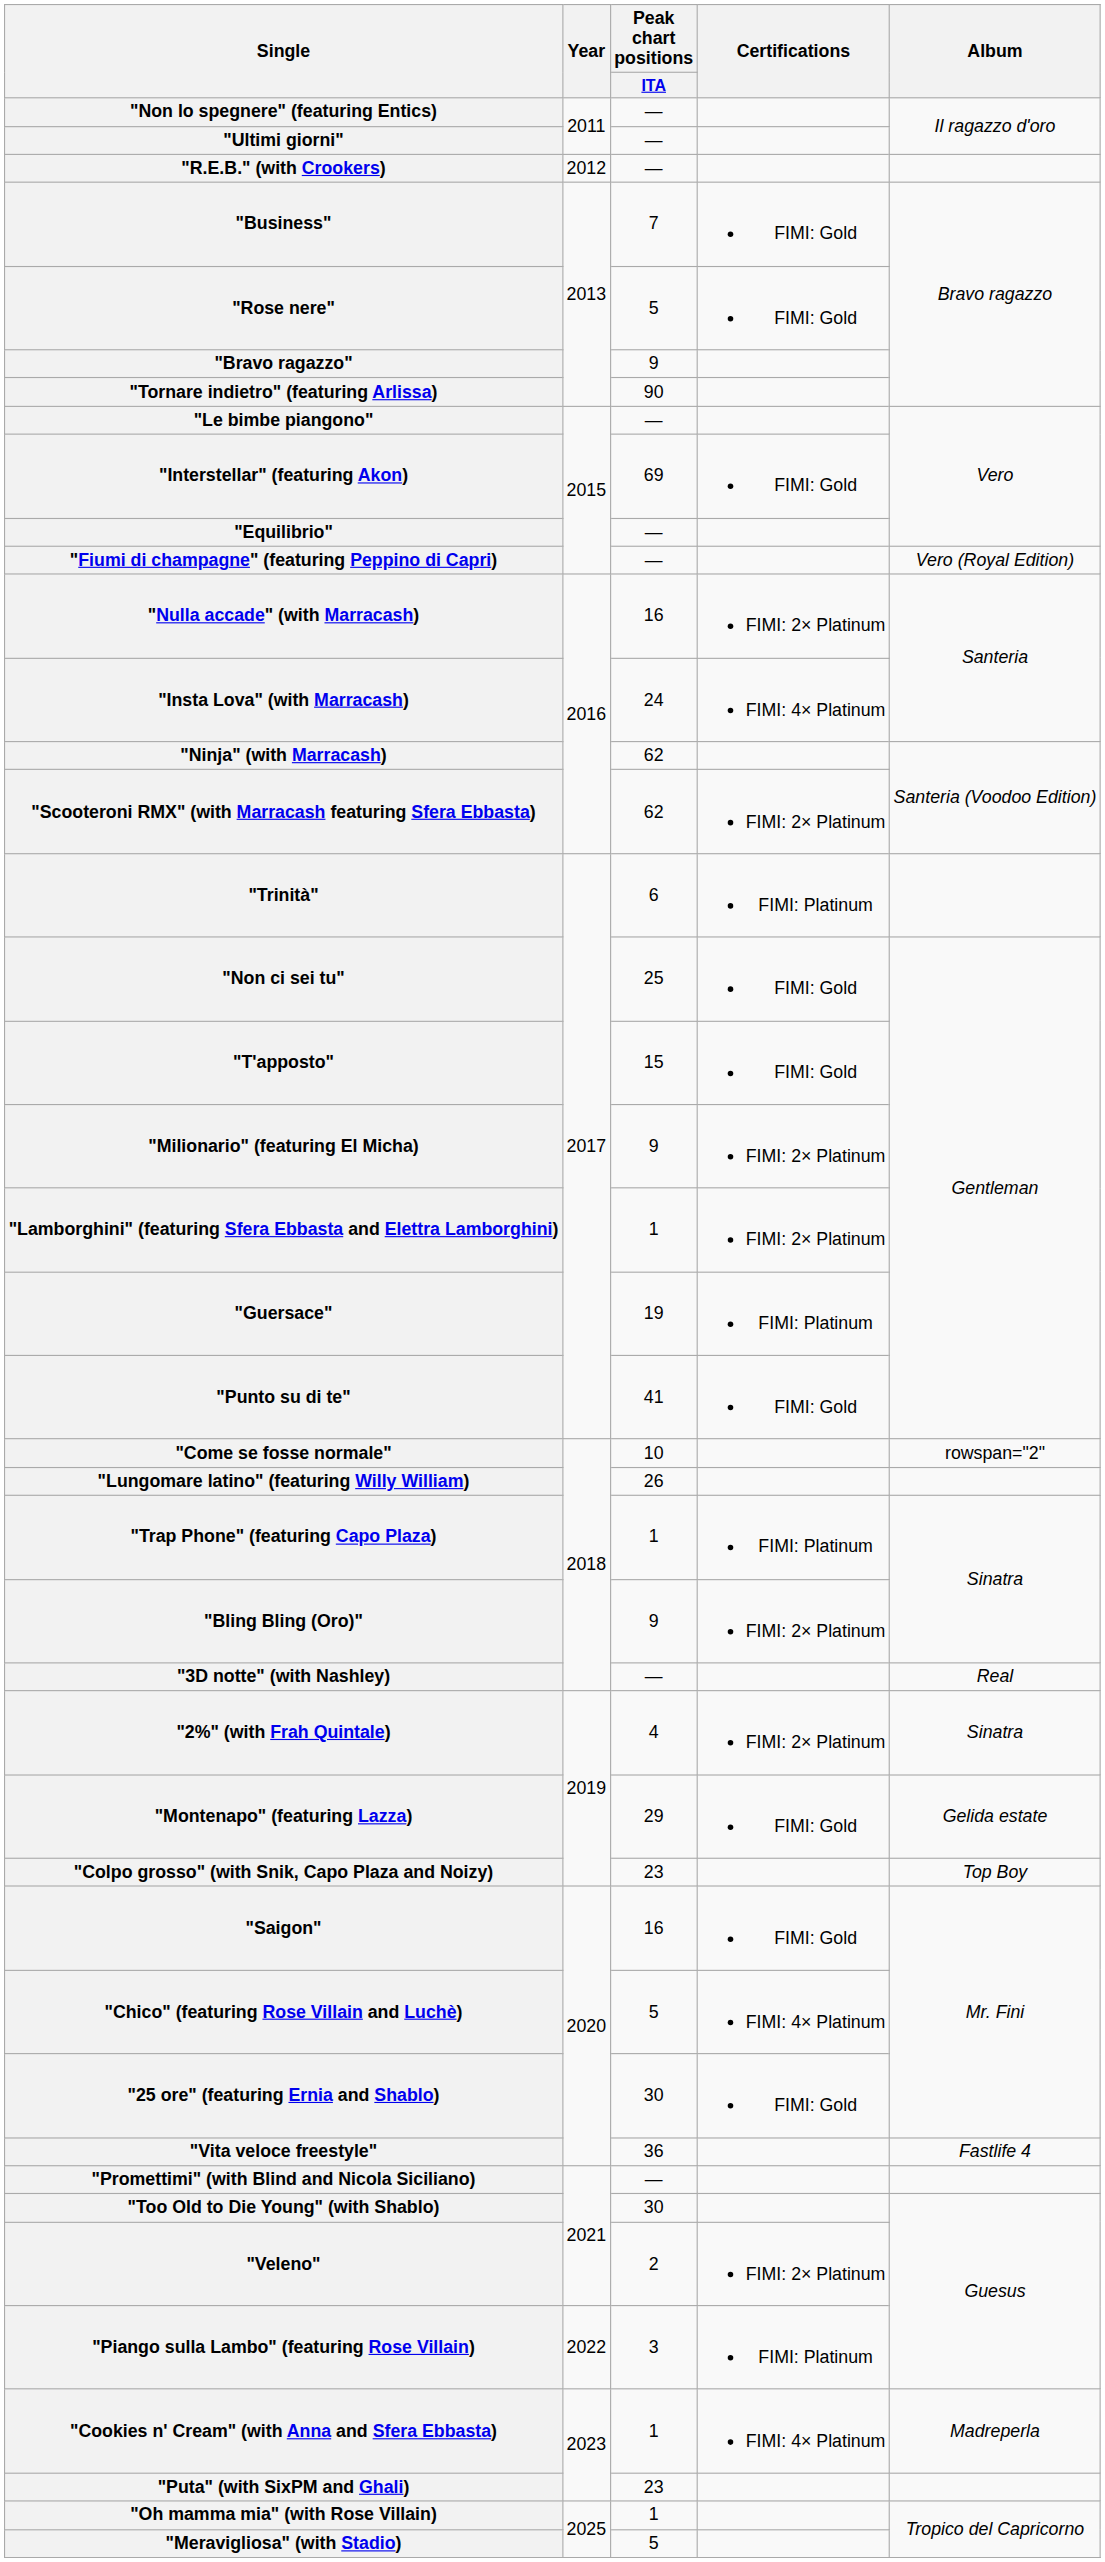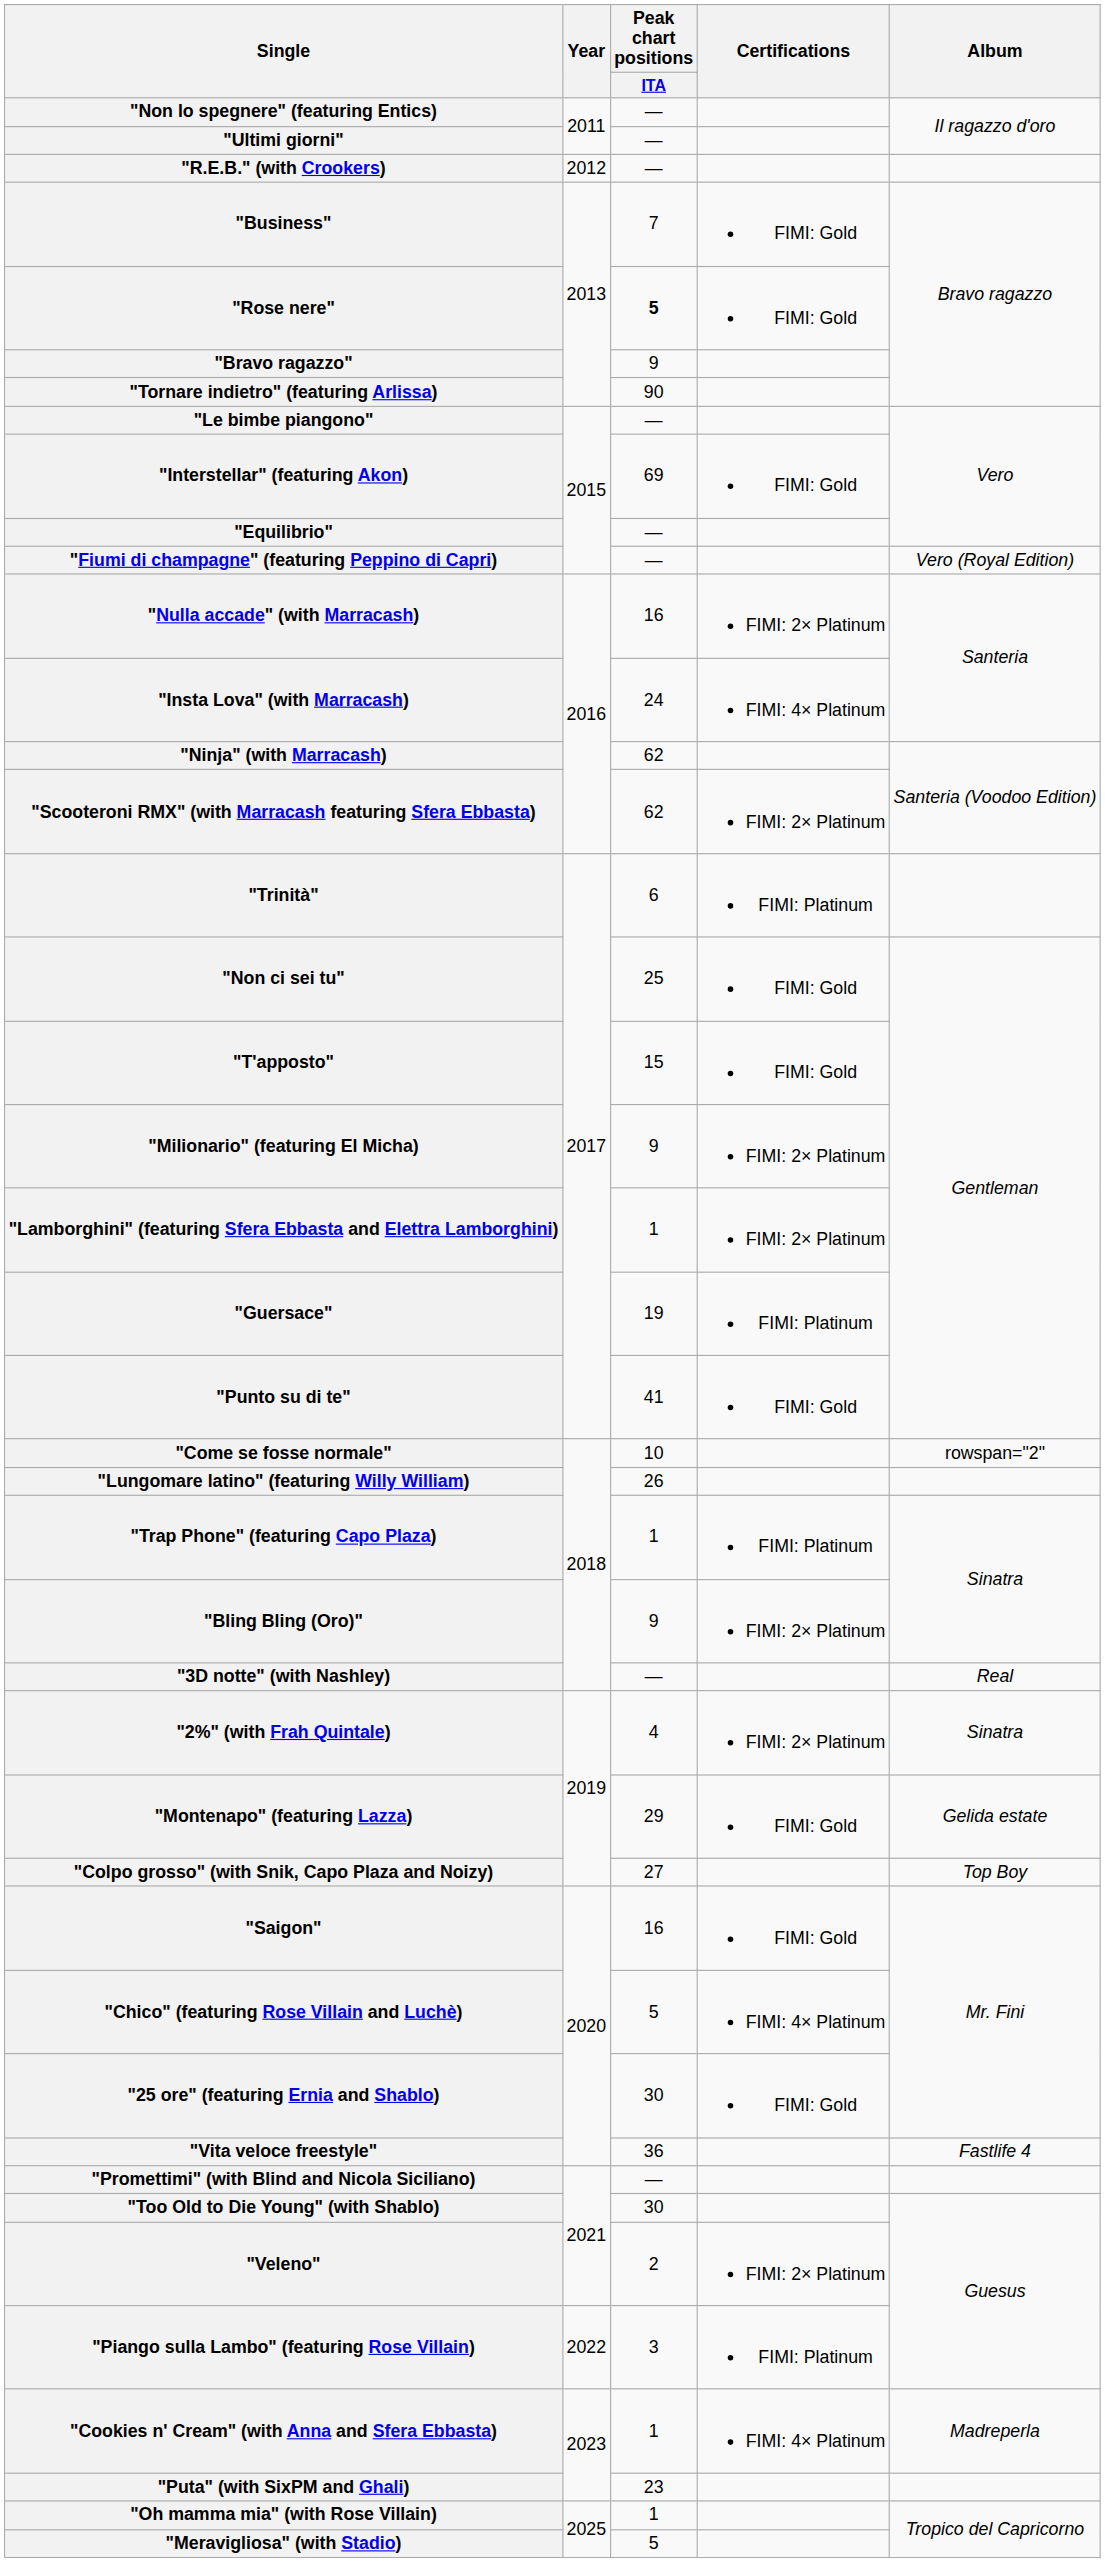 <table class="wikitable plainrowheaders" style="text-align:center;">
 <tr>
 <th scope="col" rowspan="2">Single</th>
 <th scope="col" rowspan="2">Year</th>
 <th scope="col" colspan="1">Peak chart positions</th>
 <th scope="col" rowspan="2">Certifications</th>
 <th scope="col" rowspan="2">Album</th>
 </tr>
 <tr>
 <th scope="col" style="width:3em;font-size:90%;"><a href='#'>ITA</a><br></th>
 </tr>
 <tr>
 <th scope="row">"Non lo spegnere" (featuring Entics)</th>
 <td rowspan="2">2011</td>
 <td>—</td>
 <td></td>
 <td rowspan="2"><em>Il ragazzo d'oro</em></td>
 </tr>
 <tr>
 <th scope="row">"Ultimi giorni"</th>
 <td>—</td>
 <td></td>
 </tr>
 <tr>
 <th scope="row">"R.E.B." (with <a href='#'>Crookers</a>)</th>
 <td>2012</td>
 <td>—</td>
 <td></td>
 <td></td>
 </tr>
 <tr>
 <th scope="row">"Business"</th>
 <td rowspan="4">2013</td>
 <td>7</td>
 <td><br><ul><li>FIMI: Gold</li></ul></td>
 <td rowspan="4"><em>Bravo ragazzo</em></td>
 </tr>
 <tr>
 <th scope="row">"Rose nere"</th>
-<td>5</td>
+<td><strong>5</strong></td>
 <td><br><ul><li>FIMI: Gold</li></ul></td>
 </tr>
 <tr>
 <th scope="row">"Bravo ragazzo"</th>
 <td>9</td>
 <td></td>
 </tr>
 <tr>
 <th scope="row">"Tornare indietro" (featuring <a href='#'>Arlissa</a>)</th>
 <td>90</td>
 <td></td>
 </tr>
 <tr>
 <th scope="row">"Le bimbe piangono"</th>
 <td rowspan="4">2015</td>
 <td>—</td>
 <td></td>
 <td rowspan="3"><em>Vero</em></td>
 </tr>
 <tr>
 <th scope="row">"Interstellar" (featuring <a href='#'>Akon</a>)</th>
 <td>69</td>
 <td><br><ul><li>FIMI: Gold</li></ul></td>
 </tr>
 <tr>
 <th scope="row">"Equilibrio"</th>
 <td>—</td>
 <td></td>
 </tr>
 <tr>
 <th scope="row">"<a href='#'>Fiumi di champagne</a>" (featuring <a href='#'>Peppino di Capri</a>)</th>
 <td>—</td>
 <td></td>
 <td><em>Vero (Royal Edition)</em></td>
 </tr>
 <tr>
 <th scope="row">"<a href='#'>Nulla accade</a>" (with <a href='#'>Marracash</a>)</th>
 <td rowspan="4">2016</td>
 <td>16</td>
 <td><br><ul><li>FIMI: 2× Platinum</li></ul></td>
 <td rowspan="2"><em>Santeria</em></td>
 </tr>
 <tr>
 <th scope="row">"Insta Lova" (with <a href='#'>Marracash</a>)</th>
 <td>24</td>
 <td><br><ul><li>FIMI: 4× Platinum</li></ul></td>
 </tr>
 <tr>
 <th scope="row">"Ninja" (with <a href='#'>Marracash</a>)</th>
 <td>62</td>
 <td></td>
 <td rowspan="2"><em>Santeria (Voodoo Edition)</em></td>
 </tr>
 <tr>
 <th scope="row">"Scooteroni RMX" (with <a href='#'>Marracash</a> featuring <a href='#'>Sfera Ebbasta</a>)</th>
 <td>62</td>
 <td><br><ul><li>FIMI: 2× Platinum</li></ul></td>
 </tr>
 <tr>
 <th scope="row">"Trinità"</th>
 <td rowspan="7">2017</td>
 <td>6</td>
 <td><br><ul><li>FIMI: Platinum</li></ul></td>
 <td></td>
 </tr>
 <tr>
 <th scope="row">"Non ci sei tu"</th>
 <td>25</td>
 <td><br><ul><li>FIMI: Gold</li></ul></td>
 <td rowspan="6"><em>Gentleman</em></td>
 </tr>
 <tr>
 <th scope="row">"T'apposto"</th>
 <td>15</td>
 <td><br><ul><li>FIMI: Gold</li></ul></td>
 </tr>
 <tr>
 <th scope="row">"Milionario" (featuring El Micha)</th>
 <td>9</td>
 <td><br><ul><li>FIMI: 2× Platinum</li></ul></td>
 </tr>
 <tr>
 <th scope="row">"Lamborghini" (featuring <a href='#'>Sfera Ebbasta</a> and <a href='#'>Elettra Lamborghini</a>)</th>
 <td>1</td>
 <td><br><ul><li>FIMI: 2× Platinum</li></ul></td>
 </tr>
 <tr>
 <th scope="row">"Guersace"</th>
 <td>19</td>
 <td><br><ul><li>FIMI: Platinum</li></ul></td>
 </tr>
 <tr>
 <th scope="row">"Punto su di te"</th>
 <td>41</td>
 <td><br><ul><li>FIMI: Gold</li></ul></td>
 </tr>
 <tr>
 <th scope="row">"Come se fosse normale"</th>
 <td rowspan="5">2018</td>
 <td>10</td>
 <td></td>
 <td>rowspan="2" </td>
 </tr>
 <tr>
 <th scope="row">"Lungomare latino" (featuring <a href='#'>Willy William</a>)</th>
 <td>26</td>
 <td></td>
 </tr>
 <tr>
 <th scope="row">"Trap Phone" (featuring <a href='#'>Capo Plaza</a>)</th>
 <td>1</td>
 <td><br><ul><li>FIMI: Platinum</li></ul></td>
 <td rowspan="2"><em>Sinatra</em></td>
 </tr>
 <tr>
 <th scope="row">"Bling Bling (Oro)"</th>
 <td>9</td>
 <td><br><ul><li>FIMI: 2× Platinum</li></ul></td>
 </tr>
 <tr>
 <th scope="row">"3D notte" (with Nashley)</th>
 <td>—</td>
 <td></td>
 <td><em>Real</em></td>
 </tr>
 <tr>
 <th scope="row">"2%" (with <a href='#'>Frah Quintale</a>)</th>
 <td rowspan="3">2019</td>
 <td>4</td>
 <td><br><ul><li>FIMI: 2× Platinum</li></ul></td>
 <td><em>Sinatra</em></td>
 </tr>
 <tr>
 <th scope="row">"Montenapo" (featuring <a href='#'>Lazza</a>)</th>
 <td>29</td>
 <td><br><ul><li>FIMI: Gold</li></ul></td>
 <td><em>Gelida estate</em></td>
 </tr>
 <tr>
 <th scope="row">"Colpo grosso" (with Snik, Capo Plaza and Noizy)</th>
-<td>23</td>
+<td>27</td>
 <td></td>
 <td><em>Top Boy</em></td>
 </tr>
 <tr>
 <th scope="row">"Saigon"</th>
 <td rowspan="4">2020</td>
 <td>16</td>
 <td><br><ul><li>FIMI: Gold</li></ul></td>
 <td rowspan="3"><em>Mr. Fini</em></td>
 </tr>
 <tr>
 <th scope="row">"Chico" (featuring <a href='#'>Rose Villain</a> and <a href='#'>Luchè</a>)</th>
 <td>5</td>
 <td><br><ul><li>FIMI: 4× Platinum</li></ul></td>
 </tr>
 <tr>
 <th scope="row">"25 ore" (featuring <a href='#'>Ernia</a> and <a href='#'>Shablo</a>)</th>
 <td>30</td>
 <td><br><ul><li>FIMI: Gold</li></ul></td>
 </tr>
 <tr>
 <th scope="row">"Vita veloce freestyle"</th>
 <td>36</td>
 <td></td>
 <td><em>Fastlife 4</em></td>
 </tr>
 <tr>
 <th scope="row">"Promettimi" (with Blind and Nicola Siciliano)</th>
 <td rowspan="3">2021</td>
 <td>—</td>
 <td></td>
 <td></td>
 </tr>
 <tr>
 <th scope="row">"Too Old to Die Young" (with Shablo)</th>
 <td>30</td>
 <td></td>
 <td rowspan="3"><em>Guesus</em></td>
 </tr>
 <tr>
 <th scope="row">"Veleno"</th>
 <td>2</td>
 <td><br><ul><li>FIMI: 2× Platinum</li></ul></td>
 </tr>
 <tr>
 <th scope="row">"Piango sulla Lambo" (featuring <a href='#'>Rose Villain</a>)</th>
 <td>2022</td>
 <td>3</td>
 <td><br><ul><li>FIMI: Platinum</li></ul></td>
 </tr>
 <tr>
 <th scope="row">"Cookies n' Cream" (with <a href='#'>Anna</a> and <a href='#'>Sfera Ebbasta</a>)</th>
 <td rowspan="2">2023</td>
 <td>1</td>
 <td><br><ul><li>FIMI: 4× Platinum</li></ul></td>
 <td><em>Madreperla</em></td>
 </tr>
 <tr>
 <th scope="row">"Puta" (with SixPM and <a href='#'>Ghali</a>)</th>
 <td>23<br></td>
 <td></td>
 <td></td>
 </tr>
 <tr>
 <th scope="row">"Oh mamma mia" (with Rose Villain)</th>
 <td rowspan="2">2025</td>
 <td>1</td>
 <td></td>
 <td rowspan="2"><em>Tropico del Capricorno</em></td>
 </tr>
 <tr>
 <th scope="row">"Meravigliosa" (with <a href='#'>Stadio</a>)</th>
 <td>5</td>
 <td></td>
 </tr>
 <tr>
 </tr>
 </table>
